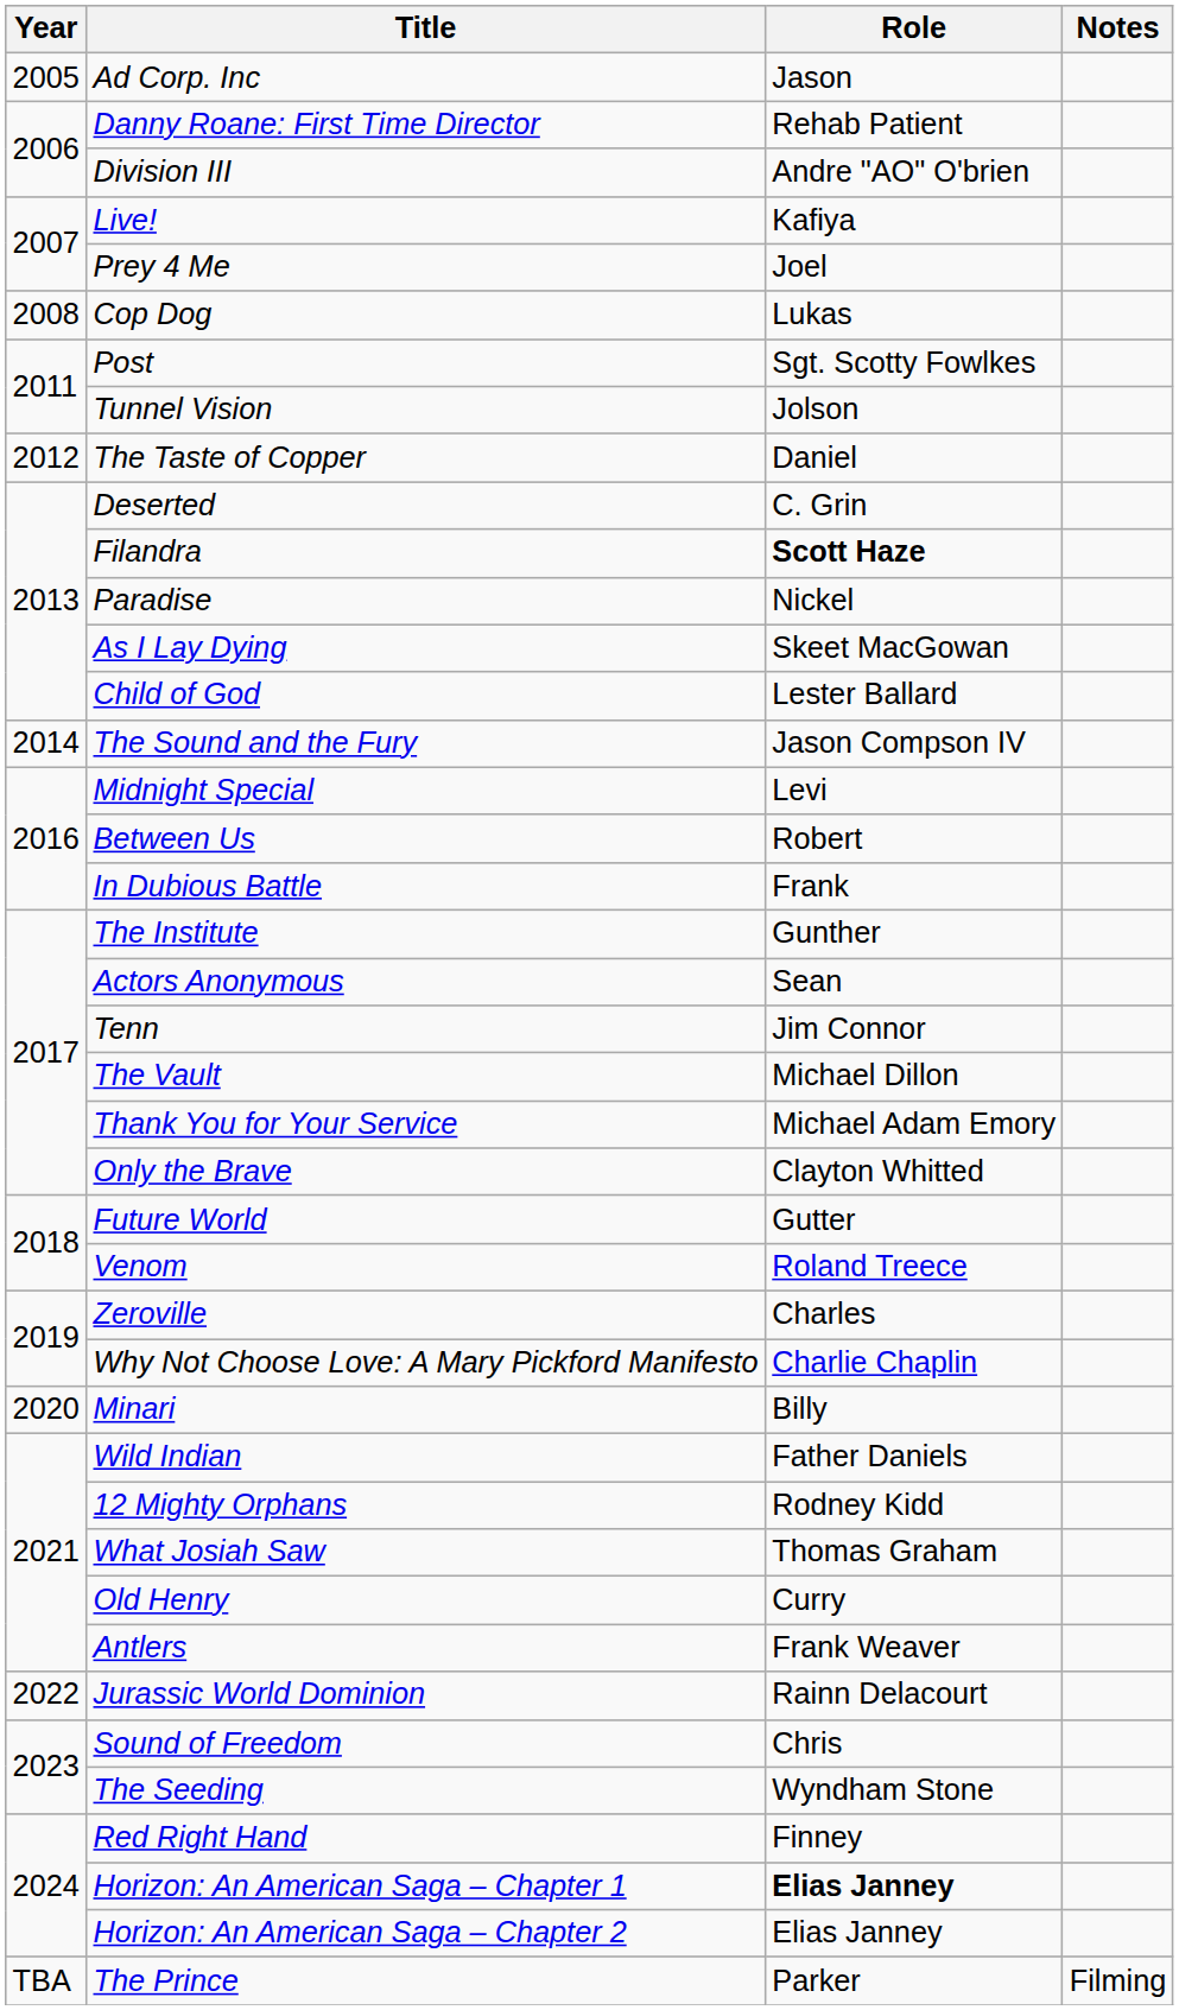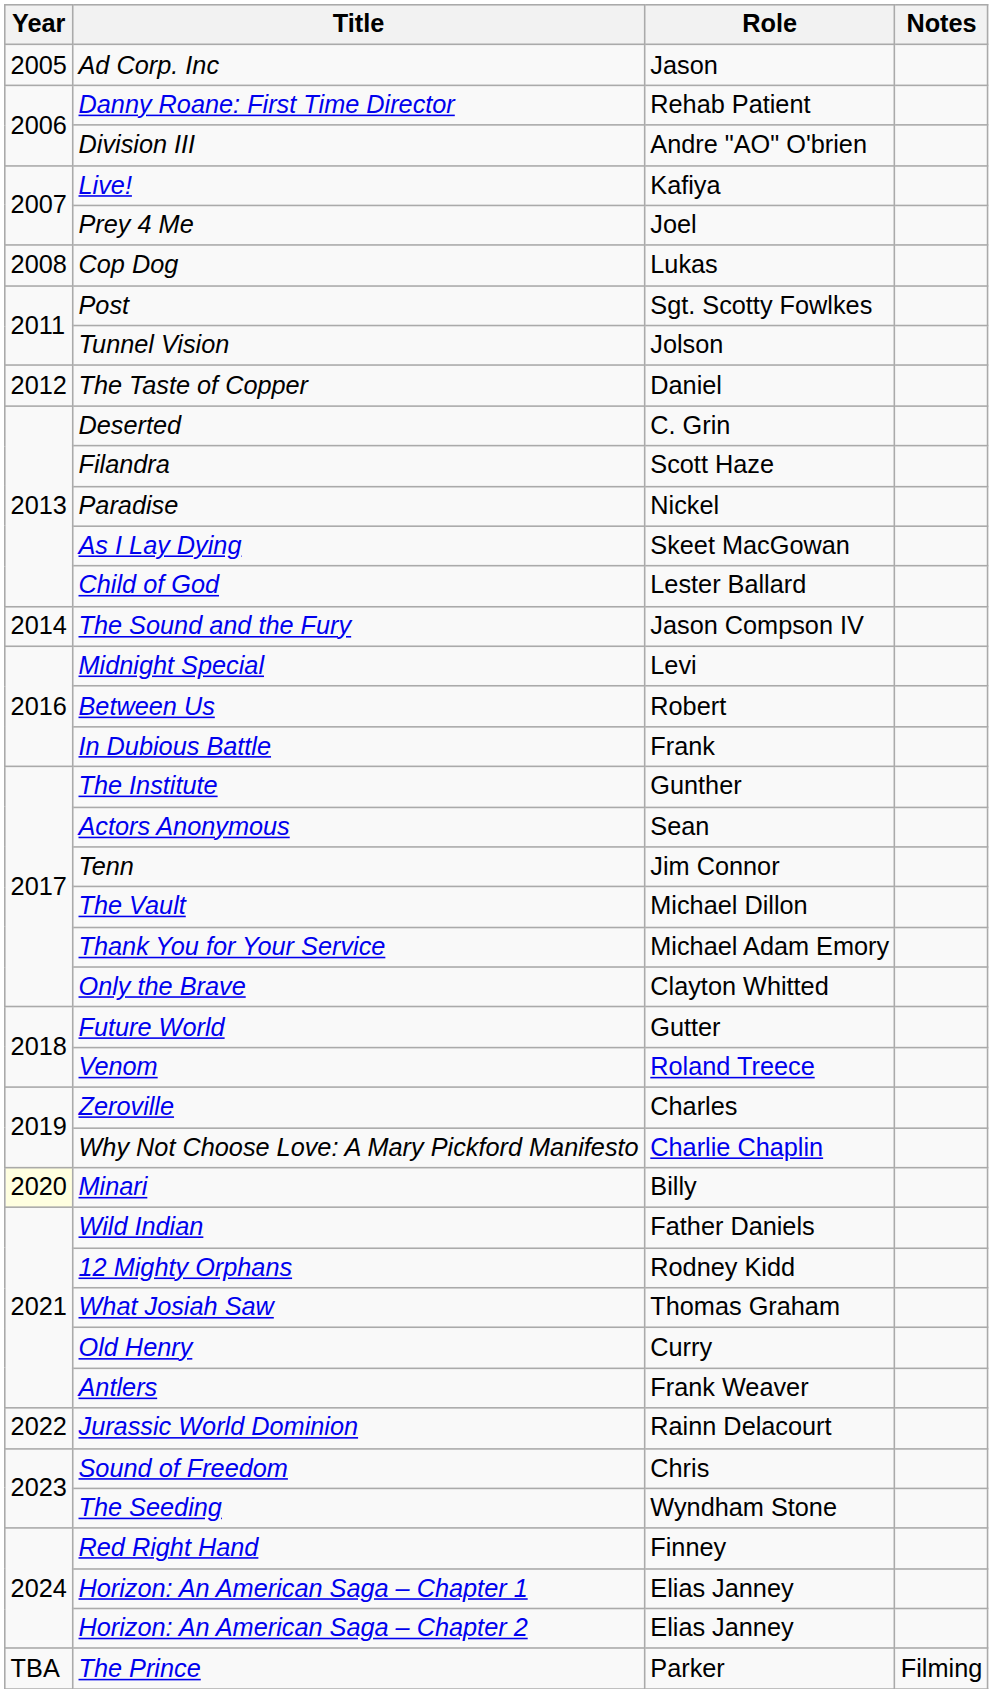 <table class="wikitable">
 <tr>
 <th>Year</th>
 <th><strong>Title</strong></th>
 <th><strong>Role</strong></th>
 <th><strong>Notes</strong></th>
 </tr>
 <tr>
 <td>2005</td>
 <td><em>Ad Corp. Inc</em></td>
 <td>Jason</td>
 <td></td>
 </tr>
 <tr>
 <td rowspan=2>2006</td>
 <td><em><a href='#'>Danny Roane: First Time Director</a></em></td>
 <td>Rehab Patient</td>
 <td></td>
 </tr>
 <tr>
 <td><em>Division III</em></td>
 <td>Andre "AO" O'brien</td>
 <td></td>
 </tr>
 <tr>
 <td rowspan=2>2007</td>
 <td><em><a href='#'>Live!</a></em></td>
 <td>Kafiya</td>
 <td></td>
 </tr>
 <tr>
 <td><em>Prey 4 Me</em></td>
 <td>Joel</td>
 <td></td>
 </tr>
 <tr>
 <td>2008</td>
 <td><em>Cop Dog</em></td>
 <td>Lukas</td>
 <td></td>
 </tr>
 <tr>
 <td rowspan=2>2011</td>
 <td><em>Post</em></td>
 <td>Sgt. Scotty Fowlkes</td>
 <td></td>
 </tr>
 <tr>
 <td><em>Tunnel Vision</em></td>
 <td>Jolson</td>
 <td></td>
 </tr>
 <tr>
 <td>2012</td>
 <td><em>The Taste of Copper</em></td>
 <td>Daniel</td>
 <td></td>
 </tr>
 <tr>
 <td rowspan=5>2013</td>
 <td><em>Deserted</em></td>
 <td>C. Grin</td>
 <td></td>
 </tr>
 <tr>
 <td><em>Filandra</em></td>
-<td><strong>Scott Haze</strong></td>
+<td>Scott Haze</td>
 <td></td>
 </tr>
 <tr>
 <td><em>Paradise</em></td>
 <td>Nickel</td>
 <td></td>
 </tr>
 <tr>
 <td><em><a href='#'>As I Lay Dying</a></em></td>
 <td>Skeet MacGowan</td>
 <td></td>
 </tr>
 <tr>
 <td><em><a href='#'>Child of God</a></em></td>
 <td>Lester Ballard</td>
 <td></td>
 </tr>
 <tr>
 <td>2014</td>
 <td><em><a href='#'>The Sound and the Fury</a></em></td>
 <td>Jason Compson IV</td>
 <td></td>
 </tr>
 <tr>
 <td rowspan=3>2016</td>
 <td><em><a href='#'>Midnight Special</a></em></td>
 <td>Levi</td>
 <td></td>
 </tr>
 <tr>
 <td><em><a href='#'>Between Us</a></em></td>
 <td>Robert</td>
 <td></td>
 </tr>
 <tr>
 <td><em><a href='#'>In Dubious Battle</a></em></td>
 <td>Frank</td>
 <td></td>
 </tr>
 <tr>
 <td rowspan=6>2017</td>
 <td><em><a href='#'>The Institute</a></em></td>
 <td>Gunther</td>
 <td></td>
 </tr>
 <tr>
 <td><em><a href='#'>Actors Anonymous</a></em></td>
 <td>Sean</td>
 <td></td>
 </tr>
 <tr>
 <td><em>Tenn</em></td>
 <td>Jim Connor</td>
 <td></td>
 </tr>
 <tr>
 <td><em><a href='#'>The Vault</a></em></td>
 <td>Michael Dillon</td>
 <td></td>
 </tr>
 <tr>
 <td><em><a href='#'>Thank You for Your Service</a></em></td>
 <td>Michael Adam Emory</td>
 <td></td>
 </tr>
 <tr>
 <td><em><a href='#'>Only the Brave</a></em></td>
 <td>Clayton Whitted</td>
 <td></td>
 </tr>
 <tr>
 <td rowspan=2>2018</td>
 <td><em><a href='#'>Future World</a></em></td>
 <td>Gutter</td>
 <td></td>
 </tr>
 <tr>
 <td><em><a href='#'>Venom</a></em></td>
 <td><a href='#'>Roland Treece</a></td>
 <td></td>
 </tr>
 <tr>
 <td rowspan=2>2019</td>
 <td><em><a href='#'>Zeroville</a></em></td>
 <td>Charles</td>
 <td></td>
 </tr>
 <tr>
 <td><em>Why Not Choose Love: A Mary Pickford Manifesto</em></td>
 <td><a href='#'>Charlie Chaplin</a></td>
 <td></td>
 </tr>
 <tr>
-<td>2020</td>
+<td style="background: lightyellow;">2020</td>
 <td><em><a href='#'>Minari</a></em></td>
 <td>Billy</td>
 <td></td>
 </tr>
 <tr>
 <td rowspan=5>2021</td>
 <td><em><a href='#'>Wild Indian</a></em></td>
 <td>Father Daniels</td>
 <td></td>
 </tr>
 <tr>
 <td><em><a href='#'>12 Mighty Orphans</a></em></td>
 <td>Rodney Kidd</td>
 <td></td>
 </tr>
 <tr>
 <td><em><a href='#'>What Josiah Saw</a></em></td>
 <td>Thomas Graham</td>
 <td></td>
 </tr>
 <tr>
 <td><em><a href='#'>Old Henry</a></em></td>
 <td>Curry</td>
 <td></td>
 </tr>
 <tr>
 <td><em><a href='#'>Antlers</a></em></td>
 <td>Frank Weaver</td>
 <td></td>
 </tr>
 <tr>
 <td>2022</td>
 <td><em><a href='#'>Jurassic World Dominion</a></em></td>
 <td>Rainn Delacourt</td>
 <td></td>
 </tr>
 <tr>
 <td rowspan=2>2023</td>
 <td><em><a href='#'>Sound of Freedom</a></em></td>
 <td>Chris</td>
 <td></td>
 </tr>
 <tr>
 <td><em><a href='#'>The Seeding</a></em></td>
 <td>Wyndham Stone</td>
 <td></td>
 </tr>
 <tr>
 <td rowspan="3">2024</td>
 <td><em><a href='#'>Red Right Hand</a></em></td>
 <td>Finney</td>
 <td></td>
 </tr>
 <tr>
 <td><em><a href='#'>Horizon: An American Saga – Chapter 1</a></em></td>
-<td><strong>Elias Janney</strong></td>
+<td>Elias Janney</td>
 <td></td>
 </tr>
 <tr>
 <td><em><a href='#'>Horizon: An American Saga – Chapter 2</a></em></td>
 <td>Elias Janney</td>
 <td></td>
 </tr>
 <tr>
 <td>TBA</td>
 <td><em><a href='#'>The Prince</a></em></td>
 <td>Parker</td>
 <td>Filming</td>
 </tr>
 </table>
